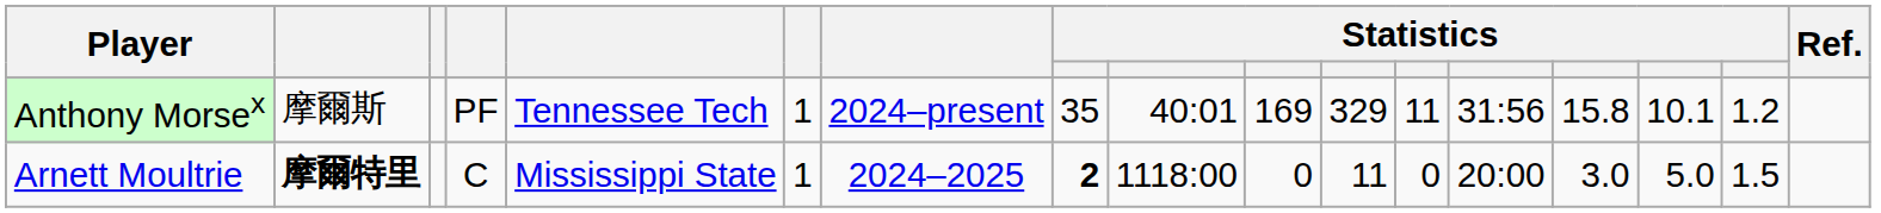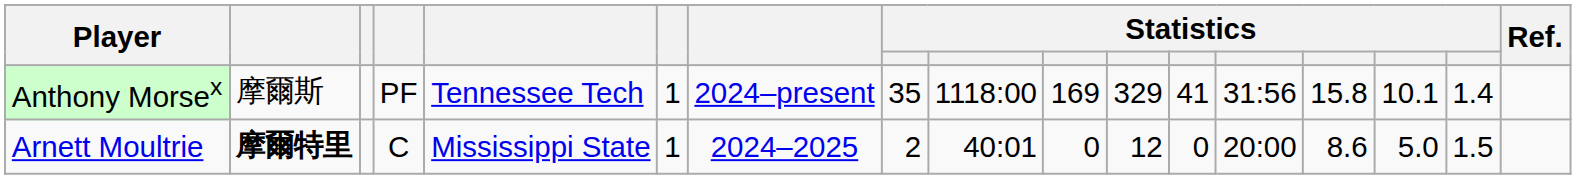 <table class="wikitable sortable" style="font-size:95%; text-align:right;">
 <tr>
 <th rowspan="2">Player</th>
 <th rowspan="2"></th>
 <th rowspan="2"></th>
 <th rowspan="2"></th>
 <th rowspan="2"></th>
 <th rowspan="2"></th>
 <th rowspan="2"></th>
 <th colspan="9">Statistics</th>
 <th rowspan="2">Ref.</th>
 </tr>
 <tr>
 <th></th>
 <th></th>
 <th></th>
 <th></th>
 <th></th>
 <th></th>
 <th></th>
 <th></th>
 <th></th>
 </tr>
 <tr>
 <td align="left" bgcolor="#CCFFCC">Anthony Morse<sup>x</sup></td>
 <td align="left">摩爾斯</td>
 <td align="center"></td>
 <td align="center">PF</td>
 <td align="left"><a href='#'>Tennessee Tech</a></td>
 <td align="center">1</td>
 <td align="center"><a href='#'>2024–present</a></td>
 <td>35</td>
-<td>40:01</td>
+<td>1118:00</td>
 <td>169</td>
 <td>329</td>
-<td>11</td>
+<td>41</td>
 <td>31:56</td>
 <td>15.8</td>
 <td>10.1</td>
-<td>1.2</td>
+<td>1.4</td>
 <td align="center"></td>
 </tr>
 <tr>
 <td align="left"><a href='#'>Arnett Moultrie</a></td>
 <td align="left"><strong>摩爾特里</strong></td>
 <td align="center"></td>
 <td align="center">C</td>
 <td align="left"><a href='#'>Mississippi State</a></td>
 <td align="center">1</td>
 <td align="center"><a href='#'>2024–2025</a></td>
-<td><strong>2</strong></td>
-<td>1118:00</td>
+<td>2</td>
+<td>40:01</td>
 <td>0</td>
-<td>11</td>
+<td>12</td>
 <td>0</td>
 <td>20:00</td>
-<td>3.0</td>
+<td>8.6</td>
 <td>5.0</td>
 <td>1.5</td>
 <td align="center"></td>
 </tr>
 </table>
